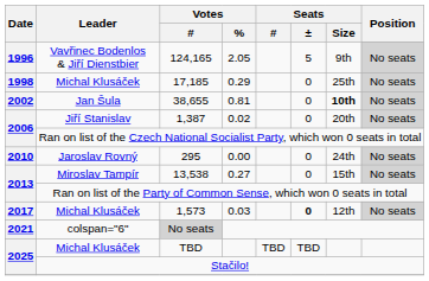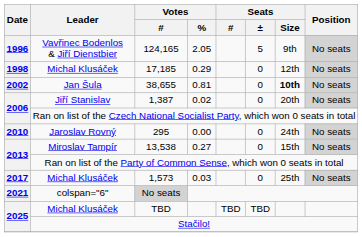 <table class="wikitable" style=text-align:center>
 <tr>
 <th rowspan="2">Date</th>
 <th rowspan="2">Leader</th>
 <th colspan="2">Votes</th>
 <th colspan="3">Seats</th>
 <th rowspan="2">Position</th>
 </tr>
 <tr>
 <th>#</th>
 <th>%</th>
 <th>#</th>
 <th>±</th>
 <th>Size</th>
 </tr>
 <tr>
 <th><a href='#'>1996</a></th>
 <td><a href='#'>Vavřinec Bodenlos</a><br>& <a href='#'>Jiří Dienstbier</a></td>
 <td>124,165</td>
 <td>2.05</td>
 <td></td>
 <td> 5</td>
 <td>9th</td>
 <td style="background:Lightgray;" align=center>No seats</td>
 </tr>
 <tr>
 <th><a href='#'>1998</a></th>
 <td><a href='#'>Michal Klusáček</a></td>
 <td>17,185</td>
 <td>0.29</td>
 <td></td>
 <td> 0</td>
-<td>25th</td>
+<td>12th</td>
 <td style="background:Lightgray;" align=center>No seats</td>
 </tr>
 <tr>
 <th><a href='#'>2002</a></th>
 <td><a href='#'>Jan Šula</a></td>
 <td>38,655</td>
 <td>0.81</td>
 <td></td>
 <td> 0</td>
 <td><strong>10th</strong></td>
 <td style="background:Lightgray;" align=center>No seats</td>
 </tr>
 <tr>
 <th rowspan=2><a href='#'>2006</a></th>
 <td><a href='#'>Jiří Stanislav</a></td>
 <td>1,387</td>
 <td>0.02</td>
 <td></td>
 <td> 0</td>
 <td>20th</td>
 <td style="background:Lightgray;" align=center>No seats</td>
 </tr>
 <tr>
 <td colspan=7>Ran on list of the <a href='#'>Czech National Socialist Party</a>, which won 0 seats in total</td>
 </tr>
 <tr>
 <th><a href='#'>2010</a></th>
 <td><a href='#'>Jaroslav Rovný</a></td>
 <td>295</td>
 <td>0.00</td>
 <td></td>
 <td> 0</td>
 <td>24th</td>
 <td style="background:Lightgray;" align=center>No seats</td>
 </tr>
 <tr>
 <th rowspan=2><a href='#'>2013</a></th>
 <td><a href='#'>Miroslav Tampír</a></td>
 <td>13,538</td>
 <td>0.27</td>
 <td></td>
 <td> 0</td>
 <td>15th</td>
 <td style="background:Lightgray;" align=center>No seats</td>
 </tr>
 <tr>
 <td colspan=7>Ran on list of the <a href='#'>Party of Common Sense</a>, which won 0 seats in total</td>
 </tr>
 <tr>
 <th><a href='#'>2017</a></th>
 <td><a href='#'>Michal Klusáček</a></td>
 <td>1,573</td>
 <td>0.03</td>
 <td></td>
-<td><strong> 0</strong></td>
-<td>12th</td>
+<td> 0</td>
+<td>25th</td>
 <td style="background:Lightgray;" align=center>No seats</td>
 </tr>
 <tr>
 <th><a href='#'>2021</a></th>
 <td>colspan="6" </td>
 <td style="background:Lightgray;" align=center>No seats</td>
 </tr>
 <tr>
 <th rowspan=2><a href='#'>2025</a></th>
 <td><a href='#'>Michal Klusáček</a></td>
 <td>TBD</td>
 <td></td>
 <td>TBD</td>
 <td>TBD</td>
 <td></td>
 <td></td>
 </tr>
 <tr>
 <td colspan=7><a href='#'>Stačilo!</a></td>
 </tr>
 <tr>
 </tr>
 </table>
